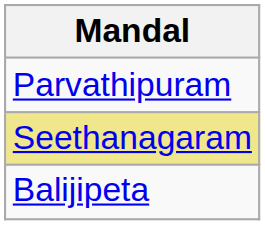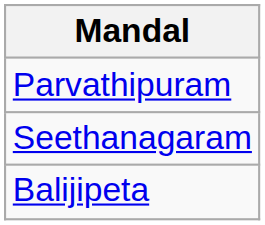 <table class="wikitable sortable static-row-numbers static-row-header-hash">
 <tr>
 <th>Mandal</th>
 </tr>
 <tr>
 <td><a href='#'>Parvathipuram</a></td>
 </tr>
 <tr>
-<td style="background: khaki;"><a href='#'>Seethanagaram</a></td>
+<td><a href='#'>Seethanagaram</a></td>
 </tr>
 <tr>
 <td><a href='#'>Balijipeta</a></td>
 </tr>
 </table>
